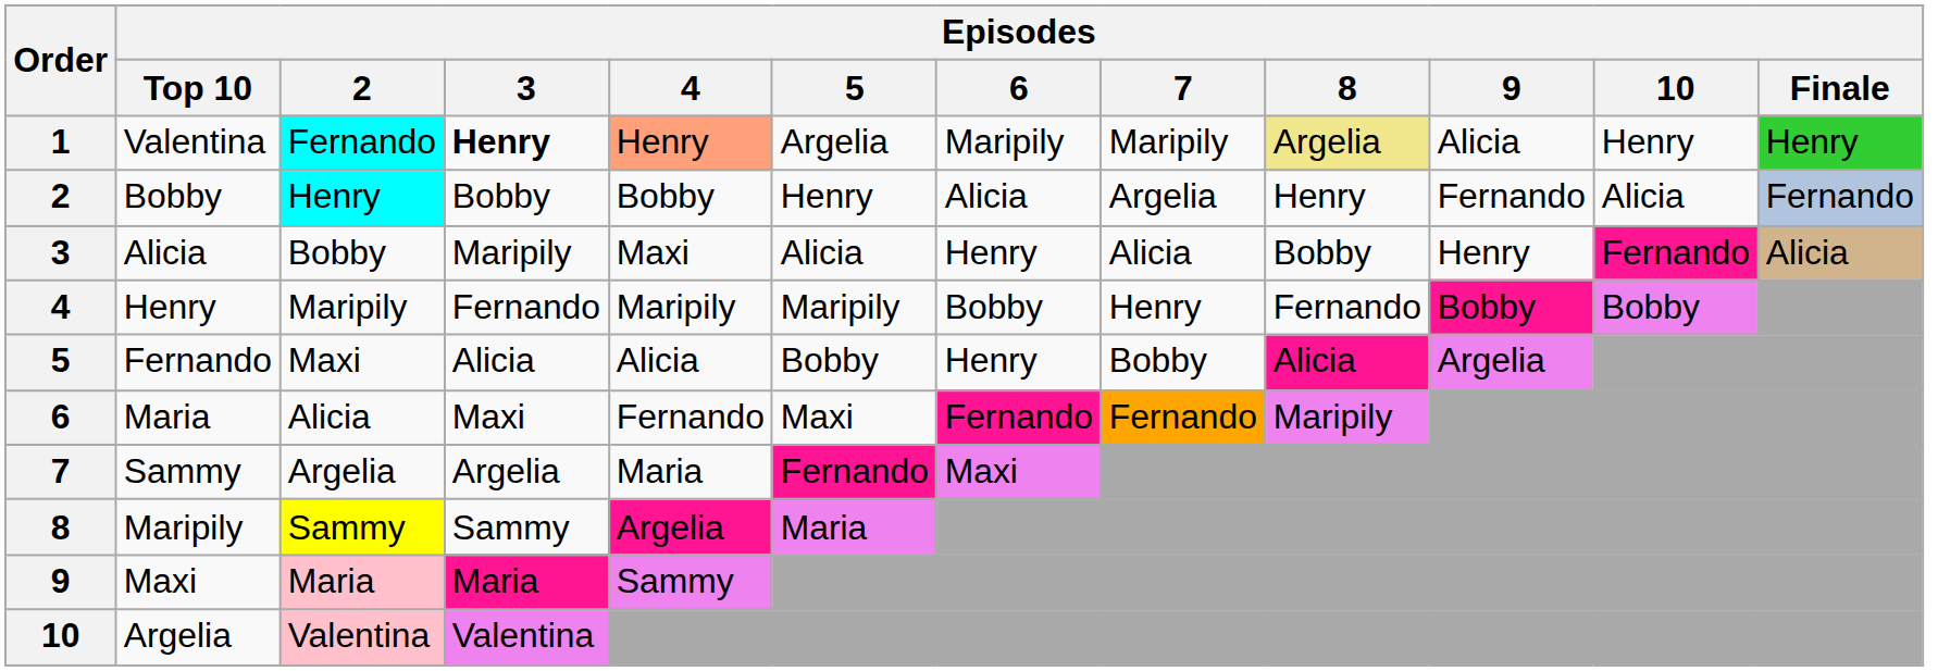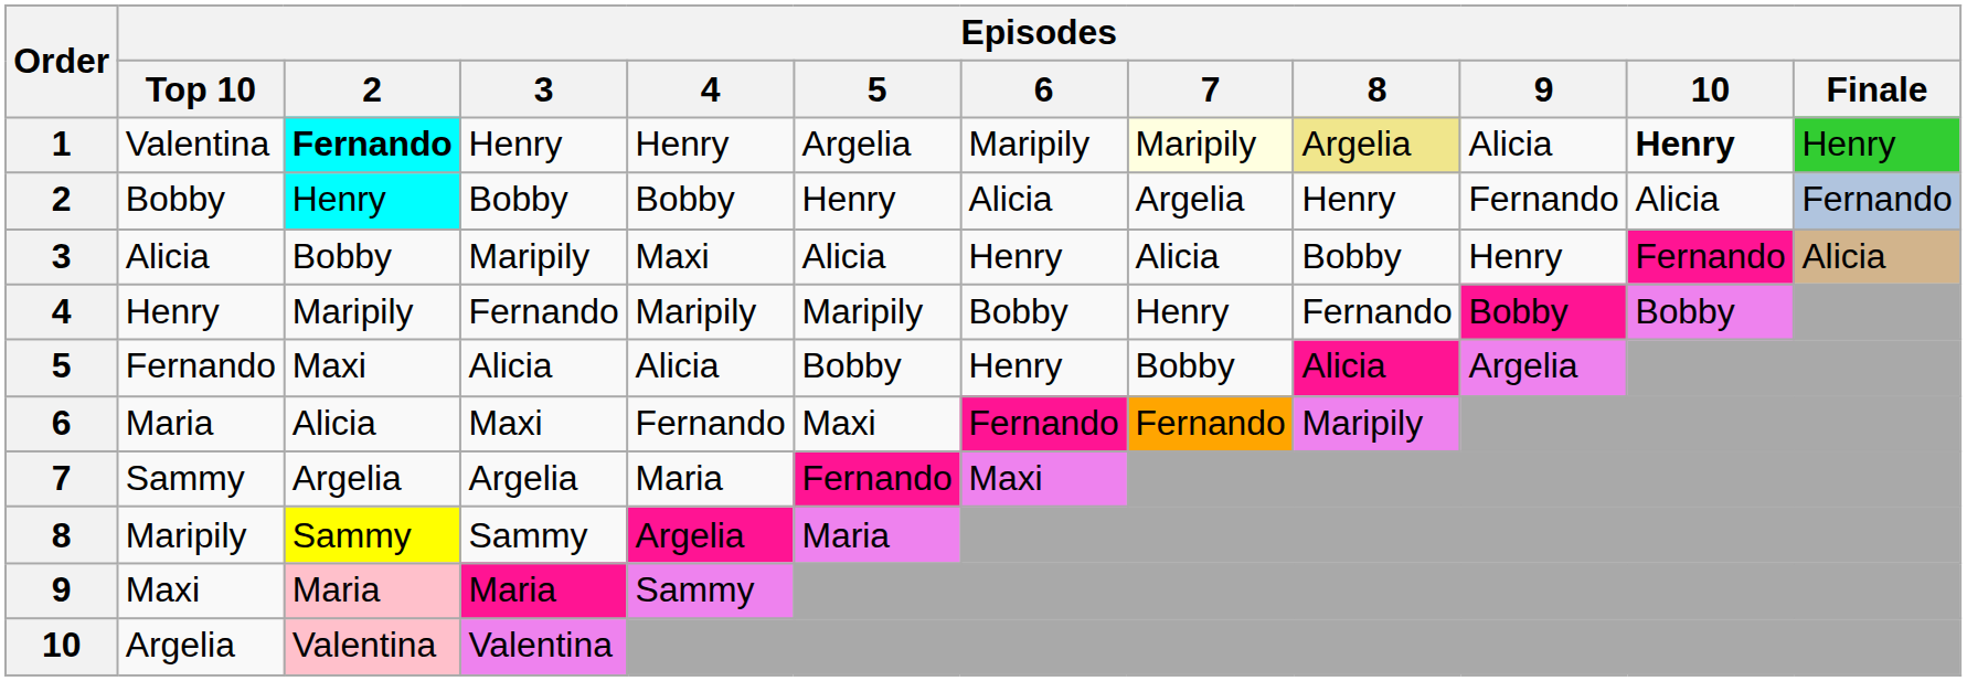 <table class="wikitable">
 <tr>
 <th rowspan=2>Order</th>
 <th colspan=12>Episodes</th>
 </tr>
 <tr>
 <th>Top 10</th>
 <th>2</th>
 <th>3</th>
 <th>4</th>
 <th>5</th>
 <th>6</th>
 <th>7</th>
 <th>8</th>
 <th>9</th>
 <th>10</th>
 <th colspan=2>Finale</th>
 </tr>
 <tr>
 <th>1</th>
 <td>Valentina</td>
-<td bgcolor="cyan">Fernando</td>
-<td><strong>Henry</strong></td>
-<td style="background: lightsalmon;">Henry</td>
+<td bgcolor="cyan"><strong>Fernando</strong></td>
+<td>Henry</td>
+<td>Henry</td>
 <td>Argelia</td>
 <td>Maripily</td>
-<td>Maripily</td>
+<td style="background: lightyellow;">Maripily</td>
 <td style="background: khaki;">Argelia</td>
 <td>Alicia</td>
-<td>Henry</td>
+<td><strong>Henry</strong></td>
 <td bgcolor="limegreen">Henry</td>
 </tr>
 <tr>
 <th>2</th>
 <td>Bobby</td>
 <td bgcolor="cyan">Henry</td>
 <td>Bobby</td>
 <td>Bobby</td>
 <td>Henry</td>
 <td>Alicia</td>
 <td>Argelia</td>
 <td>Henry</td>
 <td>Fernando</td>
 <td>Alicia</td>
 <td bgcolor="B0C4DE">Fernando</td>
 </tr>
 <tr>
 <th>3</th>
 <td>Alicia</td>
 <td>Bobby</td>
 <td>Maripily</td>
 <td>Maxi</td>
 <td>Alicia</td>
 <td>Henry</td>
 <td>Alicia</td>
 <td>Bobby</td>
 <td>Henry</td>
 <td bgcolor="DeepPink">Fernando</td>
 <td bgcolor="Tan">Alicia</td>
 </tr>
 <tr>
 <th>4</th>
 <td>Henry</td>
 <td>Maripily</td>
 <td>Fernando</td>
 <td>Maripily</td>
 <td>Maripily</td>
 <td>Bobby</td>
 <td>Henry</td>
 <td>Fernando</td>
 <td bgcolor="DeepPink">Bobby</td>
 <td bgcolor="violet">Bobby</td>
 <td bgcolor="darkgray" colspan=7></td>
 </tr>
 <tr>
 <th>5</th>
 <td>Fernando</td>
 <td>Maxi</td>
 <td>Alicia</td>
 <td>Alicia</td>
 <td>Bobby</td>
 <td>Henry</td>
 <td>Bobby</td>
 <td bgcolor="DeepPink">Alicia</td>
 <td bgcolor="violet">Argelia</td>
 <td bgcolor="darkgray" colspan=7></td>
 </tr>
 <tr>
 <th>6</th>
 <td>Maria</td>
 <td>Alicia</td>
 <td>Maxi</td>
 <td>Fernando</td>
 <td>Maxi</td>
 <td bgcolor="DeepPink">Fernando</td>
 <td bgcolor="Orange">Fernando</td>
 <td bgcolor="violet">Maripily</td>
 <td bgcolor="darkgray" colspan=7></td>
 </tr>
 <tr>
 <th>7</th>
 <td>Sammy</td>
 <td>Argelia</td>
 <td>Argelia</td>
 <td>Maria</td>
 <td bgcolor="DeepPink">Fernando</td>
 <td bgcolor="violet">Maxi</td>
 <td bgcolor="darkgray" colspan=7></td>
 </tr>
 <tr>
 <th>8</th>
 <td>Maripily</td>
 <td bgcolor="yellow">Sammy</td>
 <td>Sammy</td>
 <td bgcolor="DeepPink">Argelia</td>
 <td bgcolor="violet">Maria</td>
 <td bgcolor="darkgray" colspan=7></td>
 </tr>
 <tr>
 <th>9</th>
 <td>Maxi</td>
 <td bgcolor="pink">Maria</td>
 <td bgcolor="DeepPink">Maria</td>
 <td bgcolor="violet">Sammy</td>
 <td bgcolor="darkgray" colspan=8></td>
 </tr>
 <tr>
 <th>10</th>
 <td>Argelia</td>
 <td bgcolor="pink">Valentina</td>
 <td bgcolor="violet">Valentina</td>
 <td bgcolor="darkgray" colspan=9></td>
 </tr>
 </table>
